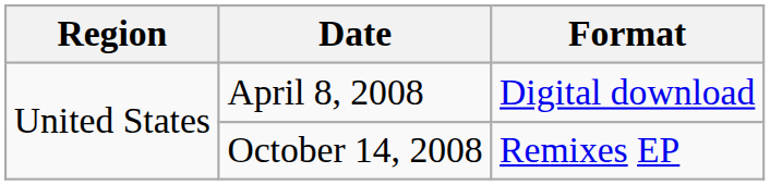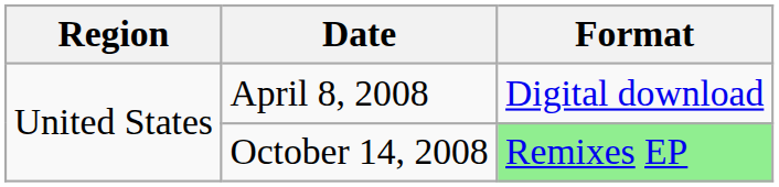 <table class="wikitable">
 <tr>
 <th>Region</th>
 <th>Date</th>
 <th>Format</th>
 </tr>
 <tr>
 <td rowspan="2">United States</td>
 <td>April 8, 2008</td>
 <td><a href='#'>Digital download</a></td>
 </tr>
 <tr>
 <td>October 14, 2008</td>
-<td><a href='#'>Remixes</a> <a href='#'>EP</a></td>
+<td style="background: lightgreen;"><a href='#'>Remixes</a> <a href='#'>EP</a></td>
 </tr>
 </table>
